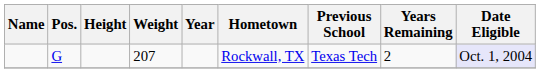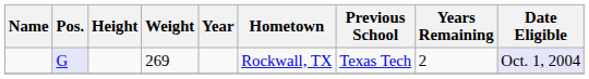 <table class="wikitable sortable" border="1">
 <tr>
 <th>Name</th>
 <th>Pos.</th>
 <th>Height</th>
 <th>Weight</th>
 <th>Year</th>
 <th>Hometown</th>
 <th class="unsortable">Previous<br>School</th>
 <th class="unsortable">Years<br>Remaining</th>
 <th class="unsortable">Date<br>Eligible</th>
 </tr>
 <tr>
 <td></td>
-<td><a href='#'>G</a></td>
+<td style="background: lavender;"><a href='#'>G</a></td>
 <td></td>
-<td>207</td>
+<td>269</td>
 <td></td>
 <td><a href='#'>Rockwall, TX</a></td>
 <td><a href='#'>Texas Tech</a></td>
 <td>2</td>
 <td style="background: lavender;">Oct. 1, 2004</td>
 </tr>
 <tr>
 </tr>
 </table>
